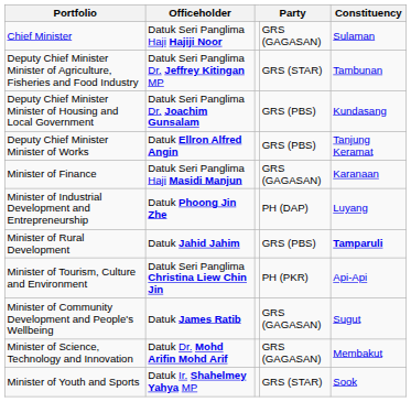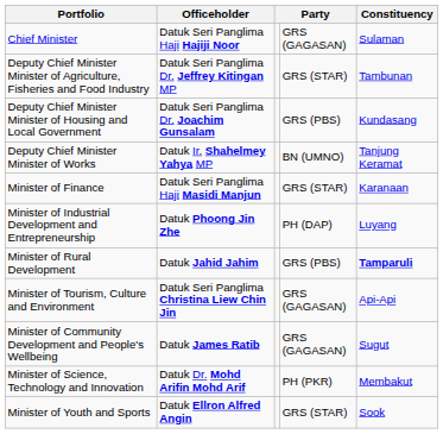 <table class="wikitable sortable">
 <tr>
 <th>Portfolio</th>
 <th>Officeholder</th>
 <th colspan="2">Party</th>
 <th>Constituency</th>
 </tr>
 <tr>
 <td><a href='#'>Chief Minister</a></td>
 <td>Datuk Seri Panglima <a href='#'>Haji</a> <strong><a href='#'>Hajiji Noor</a></strong></td>
 <td style="background:"></td>
 <td>GRS (GAGASAN)</td>
 <td><a href='#'>Sulaman</a></td>
 </tr>
 <tr>
 <td>Deputy Chief Minister <br> Minister of Agriculture, Fisheries and Food Industry</td>
 <td>Datuk Seri Panglima <a href='#'>Dr.</a> <strong><a href='#'>Jeffrey Kitingan</a></strong> <a href='#'>MP</a></td>
 <td style="background:"></td>
 <td>GRS (STAR)</td>
 <td><a href='#'>Tambunan</a></td>
 </tr>
 <tr>
 <td>Deputy Chief Minister <br> Minister of Housing and Local Government</td>
 <td>Datuk Seri Panglima <a href='#'>Dr.</a> <strong><a href='#'>Joachim Gunsalam</a></strong></td>
 <td style="background:"></td>
 <td>GRS (PBS)</td>
 <td><a href='#'>Kundasang</a></td>
 </tr>
 <tr>
 <td>Deputy Chief Minister <br> Minister of Works</td>
-<td>Datuk <strong><a href='#'>Ellron Alfred Angin</a></strong></td>
+<td>Datuk <a href='#'>Ir.</a> <strong><a href='#'>Shahelmey Yahya</a></strong> <a href='#'>MP</a></td>
 <td style="background:"></td>
-<td>GRS (PBS)</td>
+<td>BN (UMNO)</td>
 <td><a href='#'>Tanjung Keramat</a></td>
 </tr>
 <tr>
 <td>Minister of Finance</td>
 <td>Datuk Seri Panglima <a href='#'>Haji</a> <strong><a href='#'>Masidi Manjun</a></strong></td>
 <td style="background:"></td>
-<td>GRS (GAGASAN)</td>
+<td>GRS (STAR)</td>
 <td><a href='#'>Karanaan</a></td>
 </tr>
 <tr>
 <td>Minister of Industrial Development and Entrepreneurship</td>
 <td>Datuk <strong><a href='#'>Phoong Jin Zhe</a></strong></td>
 <td style="background:"></td>
 <td>PH (DAP)</td>
 <td><a href='#'>Luyang</a></td>
 </tr>
 <tr>
 <td>Minister of Rural Development</td>
 <td>Datuk <strong><a href='#'>Jahid Jahim</a></strong></td>
 <td style="background:"></td>
 <td>GRS (PBS)</td>
 <td><strong><a href='#'>Tamparuli</a></strong></td>
 </tr>
 <tr>
 <td>Minister of Tourism, Culture and Environment</td>
 <td>Datuk Seri Panglima <strong><a href='#'>Christina Liew Chin Jin</a></strong></td>
 <td style="background:"></td>
-<td>PH (PKR)</td>
+<td>GRS (GAGASAN)</td>
 <td><a href='#'>Api-Api</a></td>
 </tr>
 <tr>
 <td>Minister of Community Development and People's Wellbeing</td>
 <td>Datuk <strong><a href='#'>James Ratib</a></strong></td>
 <td style="background:"></td>
 <td>GRS (GAGASAN)</td>
 <td><a href='#'>Sugut</a></td>
 </tr>
 <tr>
 <td>Minister of Science, Technology and Innovation</td>
 <td>Datuk <a href='#'>Dr.</a> <strong><a href='#'>Mohd Arifin Mohd Arif</a></strong></td>
 <td style="background:"></td>
-<td>GRS (GAGASAN)</td>
+<td>PH (PKR)</td>
 <td><a href='#'>Membakut</a></td>
 </tr>
 <tr>
 <td>Minister of Youth and Sports</td>
-<td>Datuk <a href='#'>Ir.</a> <strong><a href='#'>Shahelmey Yahya</a></strong> <a href='#'>MP</a></td>
+<td>Datuk <strong><a href='#'>Ellron Alfred Angin</a></strong></td>
 <td style="background:"></td>
 <td>GRS (STAR)</td>
 <td><a href='#'>Sook</a></td>
 </tr>
 </table>
